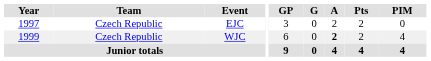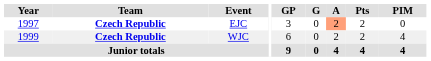 <table border="0" cellpadding="1" cellspacing="0" ID="Table3" style="text-align:center; width:40em">
 <tr ALIGN="center" bgcolor="#e0e0e0">
 <th>Year</th>
 <th>Team</th>
 <th>Event</th>
 <th rowspan="99" bgcolor="#ffffff"></th>
 <th>GP</th>
 <th>G</th>
 <th>A</th>
 <th>Pts</th>
 <th>PIM</th>
 </tr>
 <tr>
 <td><a href='#'>1997</a></td>
-<td><a href='#'>Czech Republic</a></td>
+<td><strong><a href='#'>Czech Republic</a></strong></td>
 <td><a href='#'>EJC</a></td>
 <td>3</td>
 <td>0</td>
-<td>2</td>
+<td style="background: lightsalmon;">2</td>
 <td>2</td>
 <td>0</td>
 </tr>
 <tr bgcolor="#f0f0f0">
 <td><a href='#'>1999</a></td>
-<td><a href='#'>Czech Republic</a></td>
+<td><strong><a href='#'>Czech Republic</a></strong></td>
 <td><a href='#'>WJC</a></td>
 <td>6</td>
 <td>0</td>
-<td><strong>2</strong></td>
+<td>2</td>
 <td>2</td>
 <td>4</td>
 </tr>
 <tr bgcolor="#e0e0e0">
 <th colspan="3">Junior totals</th>
 <th>9</th>
 <th>0</th>
 <th>4</th>
 <th>4</th>
 <th>4</th>
 </tr>
 </table>
